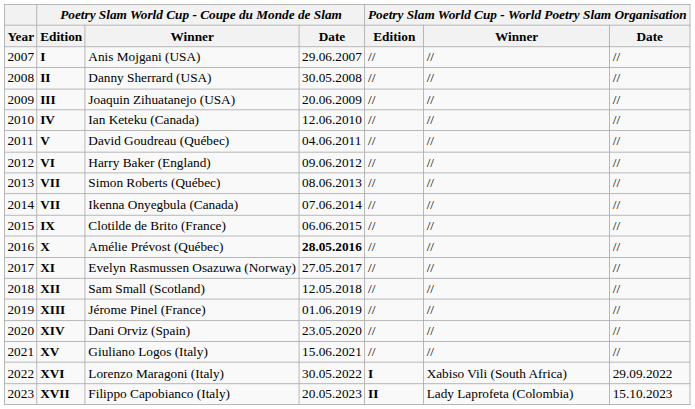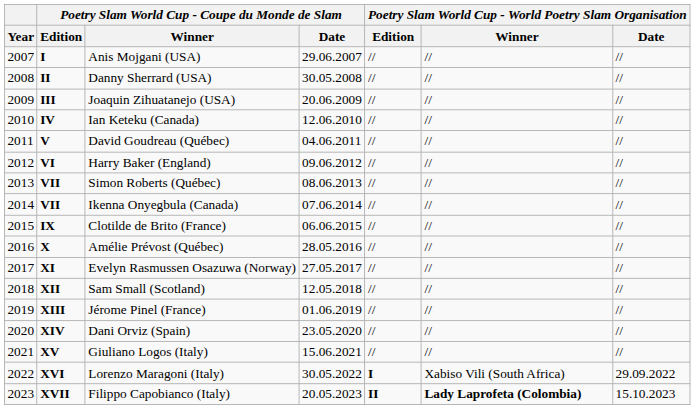 <table class="wikitable">
 <tr>
 <th></th>
 <th colspan="3"><em>Poetry Slam World Cup -</em> <em>Coupe du Monde de Slam</em></th>
 <th colspan="3"><em>Poetry Slam World Cup -</em> <em>World Poetry Slam Organisation</em></th>
 </tr>
 <tr>
 <th>Year</th>
 <th>Edition</th>
 <th>Winner</th>
 <th>Date</th>
 <th>Edition</th>
 <th>Winner</th>
 <th>Date</th>
 </tr>
 <tr>
 <td>2007</td>
 <td><strong>I</strong></td>
 <td>Anis Mojgani (USA)</td>
 <td>29.06.2007</td>
 <td>//</td>
 <td>//</td>
 <td>//</td>
 </tr>
 <tr>
 <td>2008</td>
 <td><strong>II</strong></td>
 <td>Danny Sherrard (USA)</td>
 <td>30.05.2008</td>
 <td>//</td>
 <td>//</td>
 <td>//</td>
 </tr>
 <tr>
 <td>2009</td>
 <td><strong>III</strong></td>
 <td>Joaquin Zihuatanejo (USA)</td>
 <td>20.06.2009</td>
 <td>//</td>
 <td>//</td>
 <td>//</td>
 </tr>
 <tr>
 <td>2010</td>
 <td><strong>IV</strong></td>
 <td>Ian Keteku (Canada)</td>
 <td>12.06.2010</td>
 <td>//</td>
 <td>//</td>
 <td>//</td>
 </tr>
 <tr>
 <td>2011</td>
 <td><strong>V</strong></td>
 <td>David Goudreau (Québec)</td>
 <td>04.06.2011</td>
 <td>//</td>
 <td>//</td>
 <td>//</td>
 </tr>
 <tr>
 <td>2012</td>
 <td><strong>VI</strong></td>
 <td>Harry Baker (England)</td>
 <td>09.06.2012</td>
 <td>//</td>
 <td>//</td>
 <td>//</td>
 </tr>
 <tr>
 <td>2013</td>
 <td><strong>VII</strong></td>
 <td>Simon Roberts (Québec)</td>
 <td>08.06.2013</td>
 <td>//</td>
 <td>//</td>
 <td>//</td>
 </tr>
 <tr>
 <td>2014</td>
 <td><strong>VII</strong></td>
 <td>Ikenna Onyegbula (Canada)</td>
 <td>07.06.2014</td>
 <td>//</td>
 <td>//</td>
 <td>//</td>
 </tr>
 <tr>
 <td>2015</td>
 <td><strong>IX</strong></td>
 <td>Clotilde de Brito (France)</td>
 <td>06.06.2015</td>
 <td>//</td>
 <td>//</td>
 <td>//</td>
 </tr>
 <tr>
 <td>2016</td>
 <td><strong>X</strong></td>
 <td>Amélie Prévost (Québec)</td>
-<td><strong>28.05.2016</strong></td>
+<td>28.05.2016</td>
 <td>//</td>
 <td>//</td>
 <td>//</td>
 </tr>
 <tr>
 <td>2017</td>
 <td><strong>XI</strong></td>
 <td>Evelyn Rasmussen Osazuwa (Norway)</td>
 <td>27.05.2017</td>
 <td>//</td>
 <td>//</td>
 <td>//</td>
 </tr>
 <tr>
 <td>2018</td>
 <td><strong>XII</strong></td>
 <td>Sam Small (Scotland)</td>
 <td>12.05.2018</td>
 <td>//</td>
 <td>//</td>
 <td>//</td>
 </tr>
 <tr>
 <td>2019</td>
 <td><strong>XIII</strong></td>
 <td>Jérome Pinel (France)</td>
 <td>01.06.2019</td>
 <td>//</td>
 <td>//</td>
 <td>//</td>
 </tr>
 <tr>
 <td>2020</td>
 <td><strong>XIV</strong></td>
 <td>Dani Orviz (Spain)</td>
 <td>23.05.2020</td>
 <td>//</td>
 <td>//</td>
 <td>//</td>
 </tr>
 <tr>
 <td>2021</td>
 <td><strong>XV</strong></td>
 <td>Giuliano Logos (Italy)</td>
 <td>15.06.2021</td>
 <td>//</td>
 <td>//</td>
 <td>//</td>
 </tr>
 <tr>
 <td>2022</td>
 <td><strong>XVI</strong></td>
 <td>Lorenzo Maragoni (Italy)</td>
 <td>30.05.2022</td>
 <td><strong>I</strong></td>
 <td>Xabiso Vili (South Africa)</td>
 <td>29.09.2022</td>
 </tr>
 <tr>
 <td>2023</td>
 <td><strong>XVII</strong></td>
 <td>Filippo Capobianco (Italy)</td>
 <td>20.05.2023</td>
 <td><strong>II</strong></td>
-<td>Lady Laprofeta (Colombia)</td>
+<td><strong>Lady Laprofeta (Colombia)</strong></td>
 <td>15.10.2023</td>
 </tr>
 </table>
